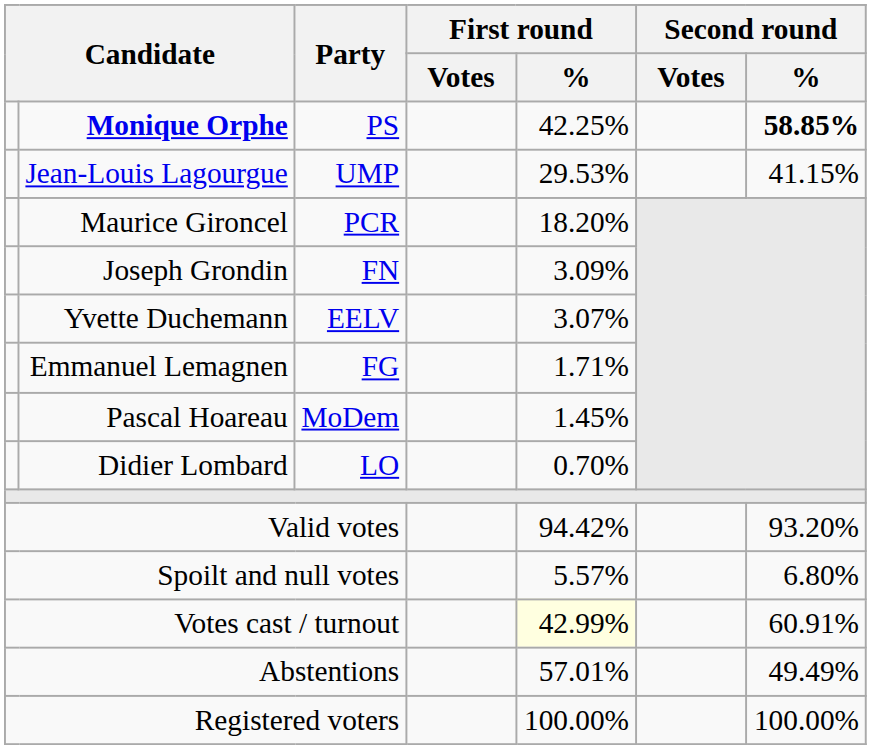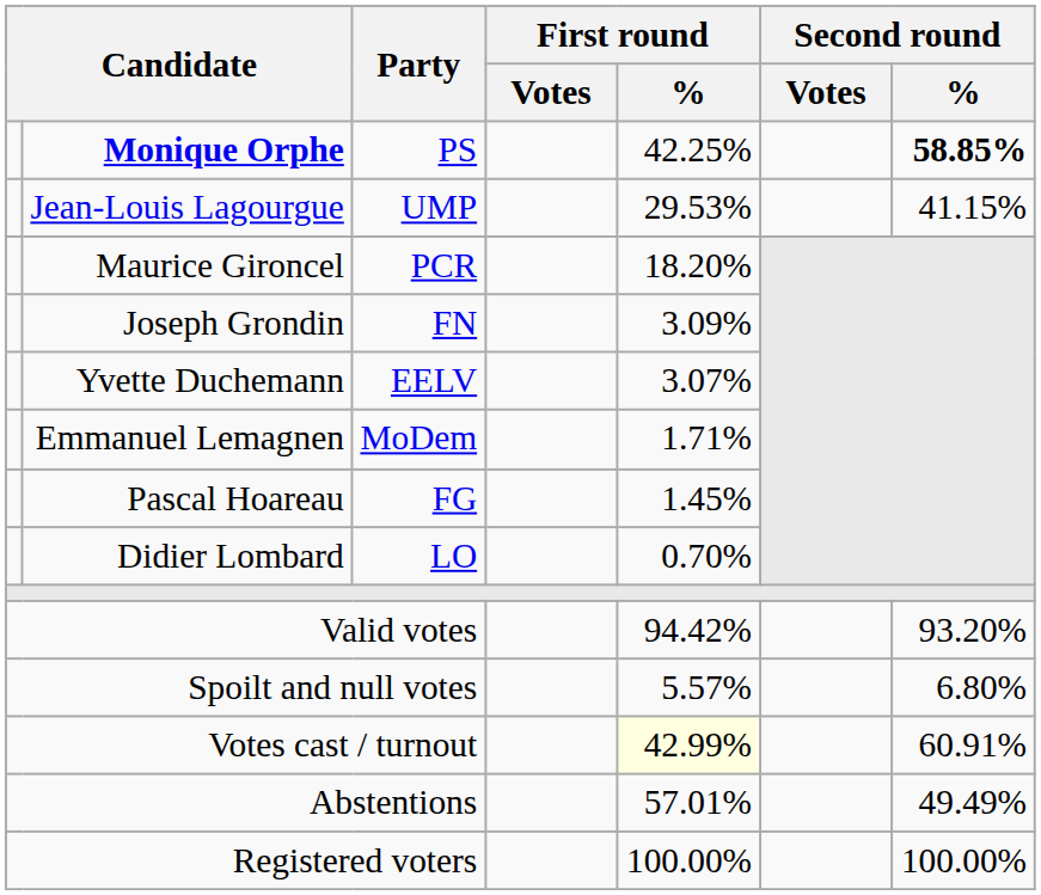 <table class="wikitable" style="text-align:right;font-size:95%;">
 <tr>
 <th rowspan=2 colspan=2>Candidate</th>
 <th rowspan=2 colspan=1>Party</th>
 <th colspan=2>First round</th>
 <th colspan=2>Second round</th>
 </tr>
 <tr>
 <th style="width:50px;">Votes</th>
 <th style="width:55px;">%</th>
 <th style="width:50px;">Votes</th>
 <th style="width:55px;">%</th>
 </tr>
 <tr>
 <td style="color:inherit;background-color:"></td>
 <td><strong><a href='#'>Monique Orphe</a></strong></td>
 <td><a href='#'>PS</a></td>
 <td></td>
 <td>42.25%</td>
 <td><strong></strong></td>
 <td><strong>58.85%</strong></td>
 </tr>
 <tr>
 <td style="color:inherit;background-color:"></td>
 <td><a href='#'>Jean-Louis Lagourgue</a></td>
 <td><a href='#'>UMP</a></td>
 <td></td>
 <td>29.53%</td>
 <td></td>
 <td>41.15%</td>
 </tr>
 <tr>
 <td style="color:inherit;background-color:"></td>
 <td>Maurice Gironcel</td>
 <td><a href='#'>PCR</a></td>
 <td></td>
 <td>18.20%</td>
 <td colspan=7 rowspan=6 style="background-color:#E9E9E9;"></td>
 </tr>
 <tr>
 <td style="color:inherit;background-color:"></td>
 <td>Joseph Grondin</td>
 <td><a href='#'>FN</a></td>
 <td></td>
 <td>3.09%</td>
 </tr>
 <tr>
 <td style="color:inherit;background-color:"></td>
 <td>Yvette Duchemann</td>
 <td><a href='#'>EELV</a></td>
 <td></td>
 <td>3.07%</td>
 </tr>
 <tr>
 <td style="color:inherit;background-color:"></td>
 <td>Emmanuel Lemagnen</td>
-<td><a href='#'>FG</a></td>
+<td><a href='#'>MoDem</a></td>
 <td></td>
 <td>1.71%</td>
 </tr>
 <tr>
 <td style="color:inherit;background-color:"></td>
 <td>Pascal Hoareau</td>
-<td><a href='#'>MoDem</a></td>
+<td><a href='#'>FG</a></td>
 <td></td>
 <td>1.45%</td>
 </tr>
 <tr>
 <td style="color:inherit;background-color:"></td>
 <td>Didier Lombard</td>
 <td><a href='#'>LO</a></td>
 <td></td>
 <td>0.70%</td>
 </tr>
 <tr>
 <td colspan=7 style="background-color:#E9E9E9;"></td>
 </tr>
 <tr>
 <td colspan=3>Valid votes</td>
 <td></td>
 <td>94.42%</td>
 <td></td>
 <td>93.20%</td>
 </tr>
 <tr>
 <td colspan=3>Spoilt and null votes</td>
 <td></td>
 <td>5.57%</td>
 <td></td>
 <td>6.80%</td>
 </tr>
 <tr>
 <td colspan=3>Votes cast / turnout</td>
 <td></td>
 <td style="background: lightyellow;">42.99%</td>
 <td></td>
 <td>60.91%</td>
 </tr>
 <tr>
 <td colspan=3>Abstentions</td>
 <td></td>
 <td>57.01%</td>
 <td></td>
 <td>49.49%</td>
 </tr>
 <tr>
 <td colspan=3>Registered voters</td>
 <td></td>
 <td>100.00%</td>
 <td></td>
 <td>100.00%</td>
 </tr>
 </table>
